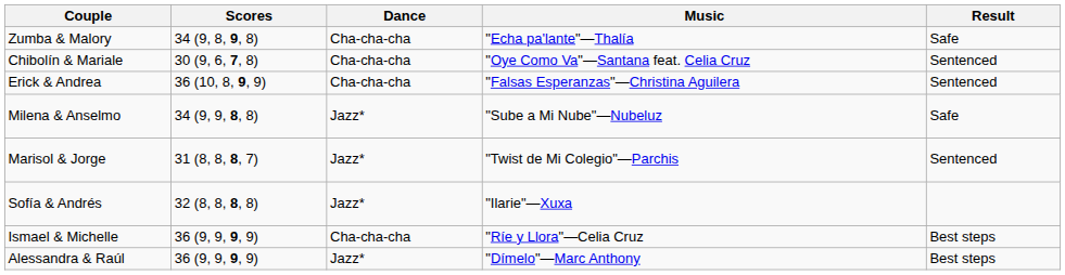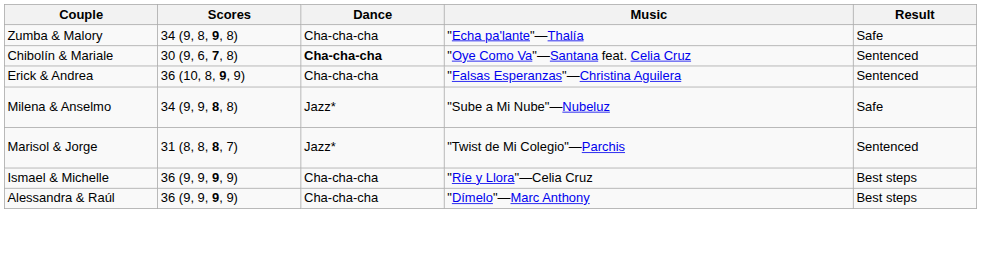 <table class="wikitable sortable" style="width:95%; white-space:nowrap;">
 <tr>
 <th style="width:15%;">Couple<br></th>
 <th style="width:14%;">Scores</th>
 <th style="width:14%;">Dance</th>
 <th style="width:40%;">Music</th>
 <th style="width:12%;">Result</th>
 </tr>
 <tr>
 <td>Zumba & Malory<br></td>
 <td>34 (9, 8, <strong>9</strong>, 8)</td>
 <td>Cha-cha-cha</td>
 <td>"<a href='#'>Echa pa'lante</a>"—<a href='#'>Thalía</a></td>
 <td>Safe</td>
 </tr>
 <tr>
 <td>Chibolín & Mariale<br></td>
 <td>30 (9, 6, <strong>7</strong>, 8)</td>
-<td>Cha-cha-cha</td>
+<td><strong>Cha-cha-cha</strong></td>
 <td>"<a href='#'>Oye Como Va</a>"—<a href='#'>Santana</a> feat. <a href='#'>Celia Cruz</a></td>
 <td>Sentenced</td>
 </tr>
 <tr>
 <td>Erick & Andrea<br></td>
 <td>36 (10, 8, <strong>9</strong>, 9)</td>
 <td>Cha-cha-cha</td>
 <td>"<a href='#'>Falsas Esperanzas</a>"—<a href='#'>Christina Aguilera</a></td>
 <td>Sentenced</td>
 </tr>
 <tr style="height:50px">
 <td>Milena & Anselmo</td>
 <td>34 (9, 9, <strong>8</strong>, 8)</td>
 <td>Jazz*</td>
 <td>"Sube a Mi Nube"—<a href='#'>Nubeluz</a></td>
 <td>Safe</td>
 </tr>
 <tr style="height:50px">
 <td>Marisol & Jorge</td>
 <td>31 (8, 8, <strong>8</strong>, 7)</td>
 <td>Jazz*</td>
 <td>"Twist de Mi Colegio"—<a href='#'>Parchis</a></td>
 <td>Sentenced</td>
 </tr>
-<tr style="height:50px">
-<td>Sofía & Andrés</td>
-<td>32 (8, 8, <strong>8</strong>, 8)</td>
-<td>Jazz*</td>
-<td>"Ilarie"—<a href='#'>Xuxa</a></td>
-<td></td>
-</tr>
 <tr>
 <td>Ismael & Michelle<br></td>
 <td>36 (9, 9, <strong>9</strong>, 9)</td>
 <td>Cha-cha-cha</td>
 <td>"<a href='#'>Ríe y Llora</a>"—Celia Cruz</td>
 <td>Best steps</td>
 </tr>
 <tr>
 <td>Alessandra & Raúl<br></td>
 <td>36 (9, 9, <strong>9</strong>, 9)</td>
-<td>Jazz*</td>
+<td>Cha-cha-cha</td>
 <td>"<a href='#'>Dímelo</a>"—<a href='#'>Marc Anthony</a></td>
 <td>Best steps</td>
 </tr>
 </table>
